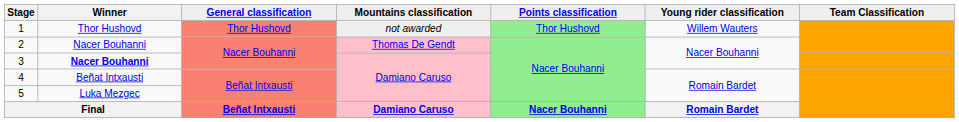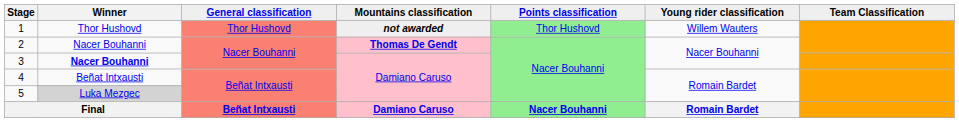 <table class="wikitable" style="text-align: center; font-size:smaller;">
 <tr style="background:#efefef;">
 <th style="width:1%;">Stage</th>
 <th style="width:14%;">Winner</th>
 <th style="background:#efefef; width:15%;"><a href='#'>General classification</a><br></th>
 <th style="background:#efefef; width:15%;">Mountains classification<br></th>
 <th style="background:#efefef; width:15%;"><a href='#'>Points classification</a><br></th>
 <th style="background:#efefef; width:15%;">Young rider classification<br></th>
 <th style="background:#efefef; width:15%;">Team Classification</th>
 </tr>
 <tr>
 <td>1</td>
 <td><a href='#'>Thor Hushovd</a></td>
 <td style="background:salmon;"><a href='#'>Thor Hushovd</a></td>
-<td style="background:#EFEFEF;"><em>not awarded</em></td>
+<td style="background:#EFEFEF;"><strong><em>not awarded</em></strong></td>
 <td style="background:lightgreen;"><a href='#'>Thor Hushovd</a></td>
 <td style="background:offwhite;"><a href='#'>Willem Wauters</a></td>
 <td style="background:orange;" rowspan=2></td>
 </tr>
 <tr>
 <td>2</td>
 <td><a href='#'>Nacer Bouhanni</a></td>
 <td style="background:salmon;" rowspan=2><a href='#'>Nacer Bouhanni</a></td>
-<td style="background:pink;"><a href='#'>Thomas De Gendt</a></td>
+<td style="background:pink;"><strong><a href='#'>Thomas De Gendt</a></strong></td>
 <td style="background:lightgreen;" rowspan=4><a href='#'>Nacer Bouhanni</a></td>
 <td style="background:offwhite;" rowspan=2><a href='#'>Nacer Bouhanni</a></td>
 </tr>
 <tr>
 <td>3</td>
 <td><strong><a href='#'>Nacer Bouhanni</a></strong></td>
 <td style="background:pink;" rowspan=3><a href='#'>Damiano Caruso</a></td>
 <td style="background:orange;"></td>
 </tr>
 <tr>
 <td>4</td>
 <td><a href='#'>Beñat Intxausti</a></td>
 <td style="background:salmon;" rowspan=2><a href='#'>Beñat Intxausti</a></td>
 <td style="background:offwhite;" rowspan=2><a href='#'>Romain Bardet</a></td>
 <td style="background:orange;" rowspan=2></td>
 </tr>
 <tr>
 <td>5</td>
-<td><a href='#'>Luka Mezgec</a></td>
+<td style="background: lightgrey;"><a href='#'>Luka Mezgec</a></td>
 </tr>
 <tr>
 <th colspan=2><strong>Final</strong></th>
 <th style="background:salmon;"><a href='#'>Beñat Intxausti</a></th>
 <th style="background:pink;"><a href='#'>Damiano Caruso</a></th>
 <th style="background:lightgreen;"><a href='#'>Nacer Bouhanni</a></th>
 <th style="background:offwhite;"><a href='#'>Romain Bardet</a></th>
 <th style="background:orange;"></th>
 </tr>
 </table>
